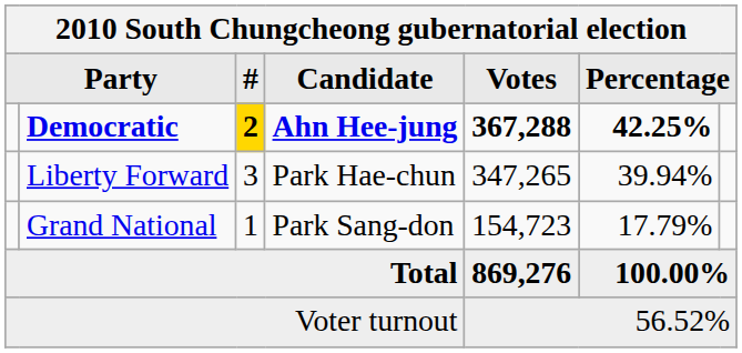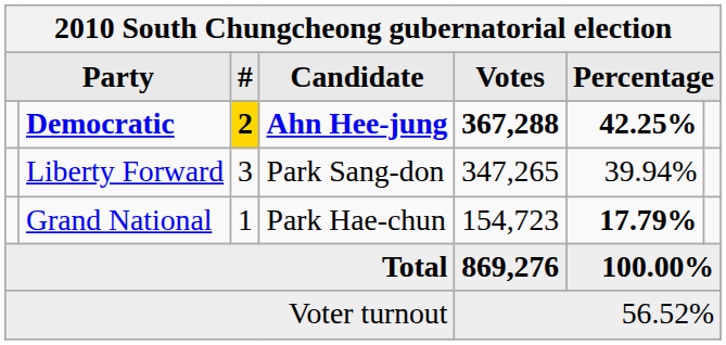 <table class="wikitable">
 <tr>
 <th colspan="7">2010 South Chungcheong gubernatorial election</th>
 </tr>
 <tr>
 <th style="background-color:#E9E9E9" colspan=2>Party</th>
 <th style="background-color:#E9E9E9">#</th>
 <th style="background-color:#E9E9E9">Candidate</th>
 <th style="background-color:#E9E9E9">Votes</th>
 <th style="background-color:#E9E9E9" colspan=2>Percentage</th>
 </tr>
 <tr style="font-weight:bold">
 <td></td>
 <td align=left><a href='#'>Democratic</a></td>
 <td align=center style="background: gold;">2</td>
 <td align=left><a href='#'>Ahn Hee-jung</a></td>
 <td align=right>367,288</td>
 <td align=right>42.25%</td>
 <td align=right></td>
 </tr>
 <tr>
 <td></td>
 <td align=left><a href='#'>Liberty Forward</a></td>
 <td align=center>3</td>
-<td align=left>Park Hae-chun</td>
+<td align=left>Park Sang-don</td>
 <td align=right>347,265</td>
 <td align=right>39.94%</td>
 <td align=right></td>
 </tr>
 <tr>
 <td></td>
 <td align=left><a href='#'>Grand National</a></td>
 <td align=center>1</td>
-<td align=left>Park Sang-don</td>
+<td align=left>Park Hae-chun</td>
 <td align=right>154,723</td>
-<td align=right>17.79%</td>
+<td align=right><strong>17.79%</strong></td>
 <td align=right></td>
 </tr>
 <tr bgcolor="#EEEEEE" style="font-weight:bold">
 <td colspan="4" align=right>Total</td>
 <td align=right>869,276</td>
 <td align=right colspan=2>100.00%</td>
 </tr>
 <tr bgcolor="#EEEEEE">
 <td colspan="4" align="right">Voter turnout</td>
 <td colspan="3" align="right">56.52%</td>
 </tr>
 </table>
